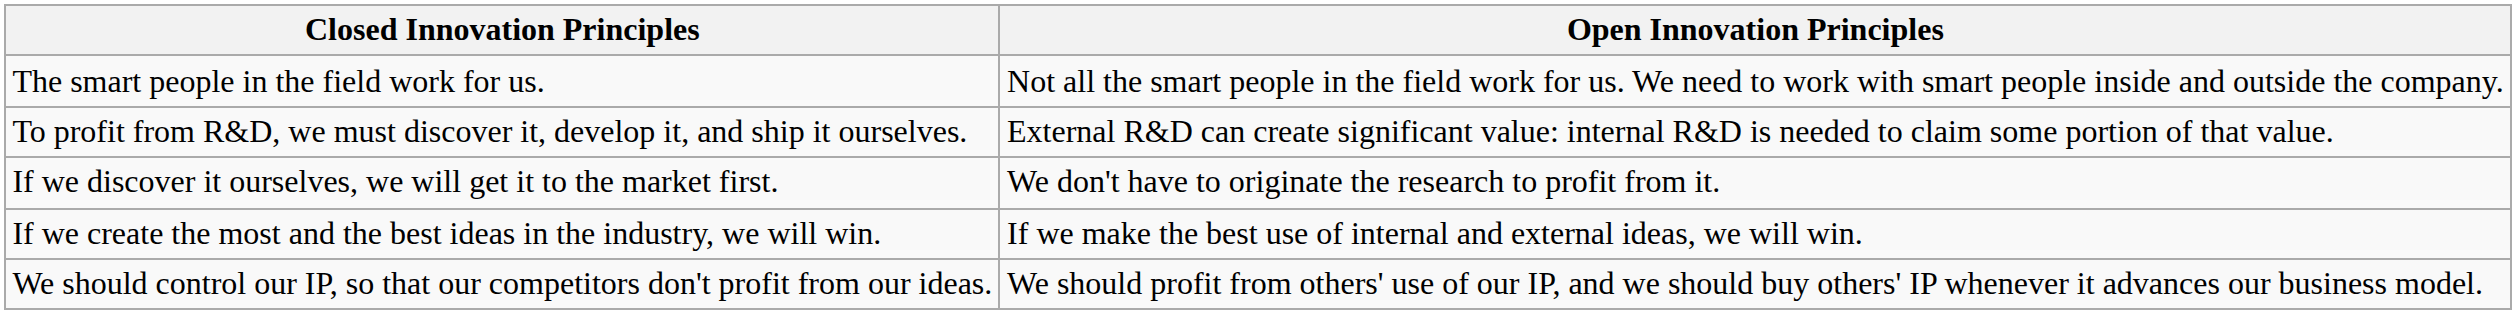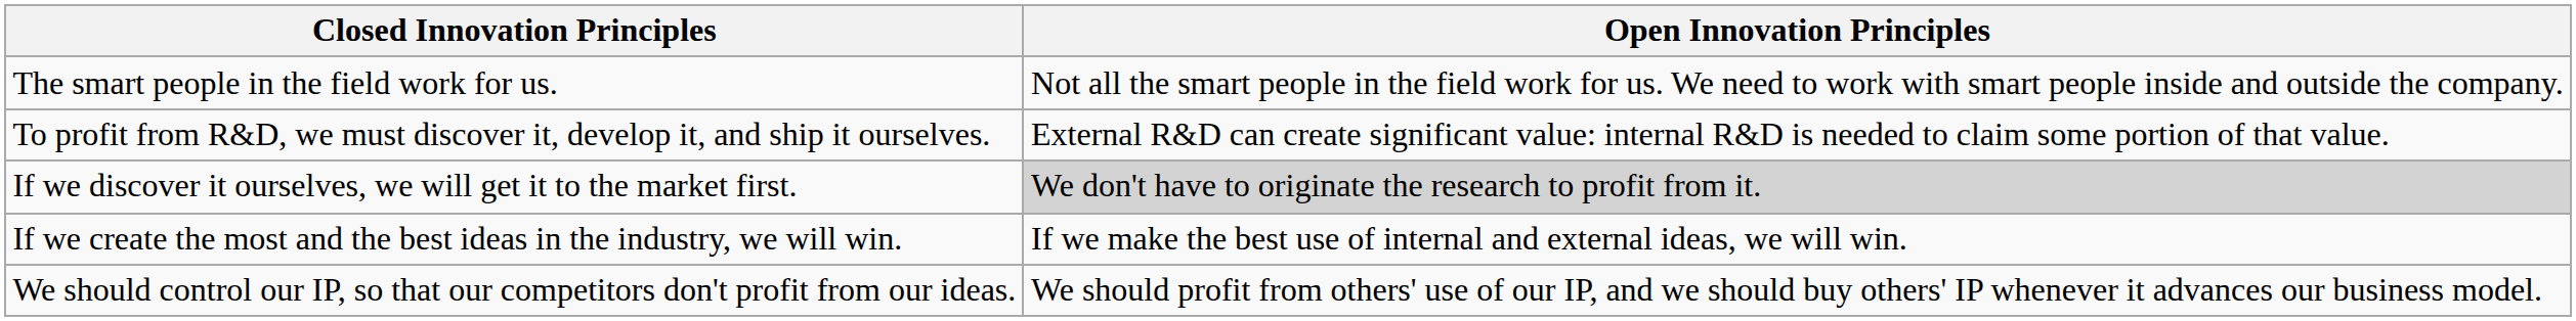 <table class="wikitable">
 <tr>
 <th>Closed Innovation Principles</th>
 <th>Open Innovation Principles</th>
 </tr>
 <tr>
 <td>The smart people in the field work for us.</td>
 <td>Not all the smart people in the field work for us. We need to work with smart people inside and outside the company.</td>
 </tr>
 <tr>
 <td>To profit from R&D, we must discover it, develop it, and ship it ourselves.</td>
 <td>External R&D can create significant value: internal R&D is needed to claim some portion of that value.</td>
 </tr>
 <tr>
 <td>If we discover it ourselves, we will get it to the market first.</td>
-<td>We don't have to originate the research to profit from it.</td>
+<td style="background: lightgrey;">We don't have to originate the research to profit from it.</td>
 </tr>
 <tr>
 <td>If we create the most and the best ideas in the industry, we will win.</td>
 <td>If we make the best use of internal and external ideas, we will win.</td>
 </tr>
 <tr>
 <td>We should control our IP, so that our competitors don't profit from our ideas.</td>
 <td>We should profit from others' use of our IP, and we should buy others' IP whenever it advances our business model.</td>
 </tr>
 </table>
